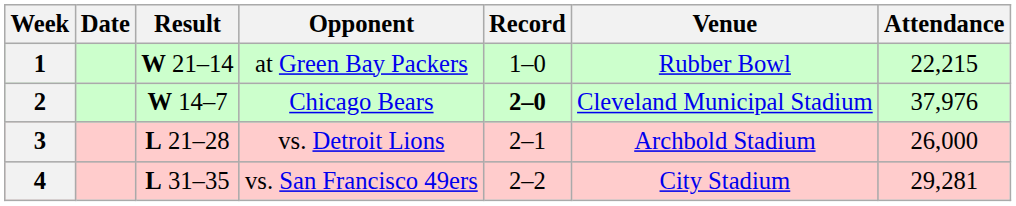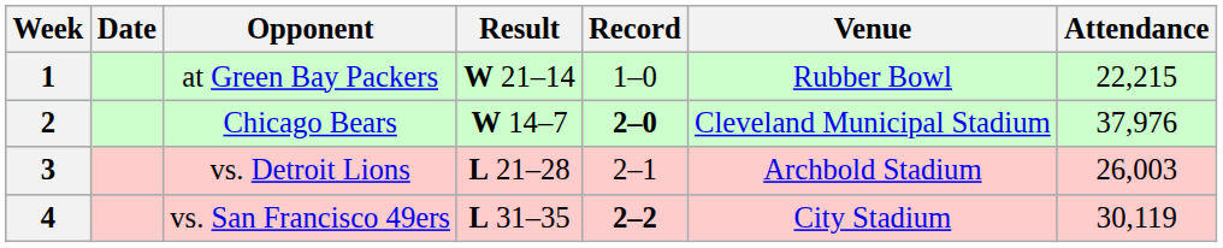 <table class="wikitable" style="text-align:center">
 <tr>
 <th>Week</th>
 <th>Date</th>
+<th>Opponent</th>
 <th>Result</th>
-<th>Opponent</th>
 <th>Record</th>
 <th>Venue</th>
 <th>Attendance</th>
 </tr>
 <tr style="background:#cfc">
 <th>1</th>
 <td></td>
+<td>at <a href='#'>Green Bay Packers</a></td>
 <td><strong>W</strong> 21–14</td>
-<td>at <a href='#'>Green Bay Packers</a></td>
 <td>1–0</td>
 <td><a href='#'>Rubber Bowl</a></td>
 <td>22,215</td>
 </tr>
 <tr style="background:#cfc">
 <th>2</th>
 <td></td>
+<td><a href='#'>Chicago Bears</a></td>
 <td><strong>W</strong> 14–7</td>
-<td><a href='#'>Chicago Bears</a></td>
 <td><strong>2–0</strong></td>
 <td><a href='#'>Cleveland Municipal Stadium</a></td>
 <td>37,976</td>
 </tr>
 <tr style="background:#fcc">
 <th>3</th>
 <td></td>
+<td>vs. <a href='#'>Detroit Lions</a></td>
 <td><strong>L</strong> 21–28</td>
-<td>vs. <a href='#'>Detroit Lions</a></td>
 <td>2–1</td>
 <td><a href='#'>Archbold Stadium</a></td>
-<td>26,000</td>
+<td>26,003</td>
 </tr>
 <tr style="background:#fcc">
 <th>4</th>
 <td></td>
+<td>vs. <a href='#'>San Francisco 49ers</a></td>
 <td><strong>L</strong> 31–35</td>
-<td>vs. <a href='#'>San Francisco 49ers</a></td>
-<td>2–2</td>
+<td><strong>2–2</strong></td>
 <td><a href='#'>City Stadium</a></td>
-<td>29,281</td>
+<td>30,119</td>
 </tr>
 </table>
